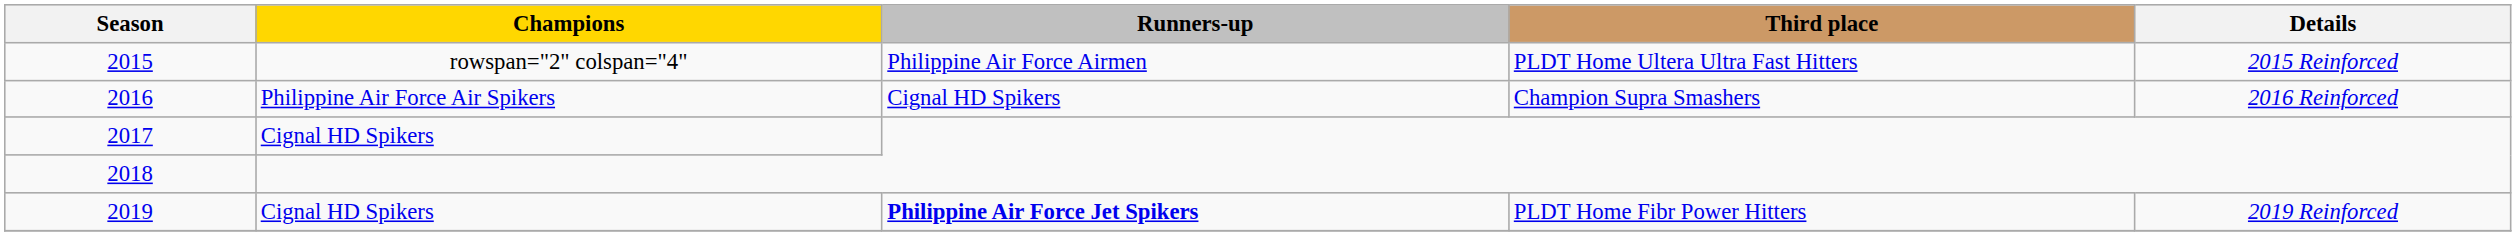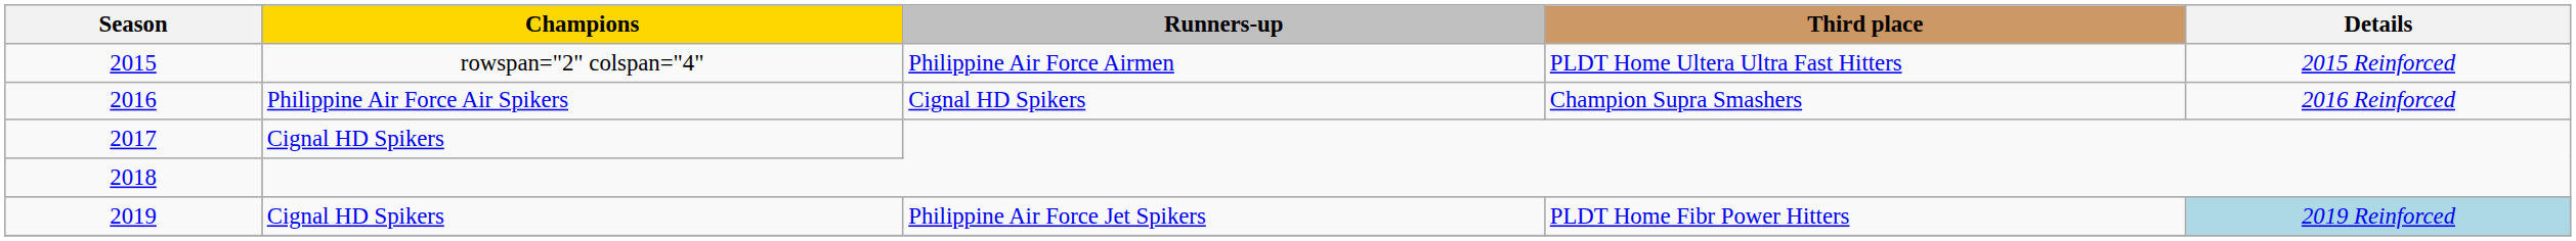 <table class=wikitable style="border-collapse: collapse; font-size:90%; text-align: center" width=80%>
 <tr>
 <th width=10%>Season</th>
 <th width=25% style="background:gold">Champions</th>
 <th width=25% style="background:silver">Runners-up</th>
 <th width=25% style="background:#cc9966">Third place</th>
 <th width=15%>Details</th>
 </tr>
 <tr>
 <td><a href='#'>2015</a></td>
 <td>rowspan="2" colspan="4"</td>
 <td style="text-align:left"><a href='#'>Philippine Air Force Airmen</a></td>
 <td style="text-align:left"><a href='#'>PLDT Home Ultera Ultra Fast Hitters</a></td>
 <td><em><a href='#'>2015 Reinforced</a></em></td>
 </tr>
 <tr>
 <td><a href='#'>2016</a></td>
 <td style="text-align:left"><a href='#'>Philippine Air Force Air Spikers</a></td>
 <td style="text-align:left"><a href='#'>Cignal HD Spikers</a></td>
 <td style="text-align:left"><a href='#'>Champion Supra Smashers</a></td>
 <td><em><a href='#'>2016 Reinforced</a></em></td>
 </tr>
 <tr>
 <td><a href='#'>2017</a></td>
 <td style="text-align:left"><a href='#'>Cignal HD Spikers</a></td>
 </tr>
 <tr>
 <td><a href='#'>2018</a></td>
 </tr>
 <tr>
 <td><a href='#'>2019</a></td>
 <td style="text-align:left"><a href='#'>Cignal HD Spikers</a></td>
-<td style="text-align:left"><strong><a href='#'>Philippine Air Force Jet Spikers</a></strong></td>
+<td style="text-align:left"><a href='#'>Philippine Air Force Jet Spikers</a></td>
 <td style="text-align:left"><a href='#'>PLDT Home Fibr Power Hitters</a></td>
-<td><em><a href='#'>2019 Reinforced</a></em></td>
+<td style="background: lightblue;"><em><a href='#'>2019 Reinforced</a></em></td>
 </tr>
 <tr>
 </tr>
 </table>
